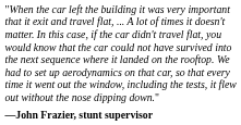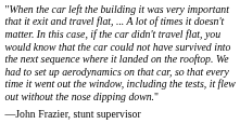 <table class="toccolours" style="float: right; margin-left: 1em; margin-right: 2em; font-size: 85%; color:black; width:40em; max-width: 35%;" cellspacing="5">
 <tr>
 <td style="text-align: left;">"<em>When the car left the building it was very important that it exit and travel flat, ... A lot of times it doesn't matter. In this case, if the car didn't travel flat, you would know that the car could not have survived into the next sequence where it landed on the rooftop. We had to set up aerodynamics on that car, so that every time it went out the window, including the tests, it flew out without the nose dipping down.</em>"</td>
 </tr>
 <tr>
-<td style="text-align: left;"><strong>—John Frazier, stunt supervisor</strong></td>
+<td style="text-align: left;">—John Frazier, stunt supervisor</td>
 </tr>
 </table>
